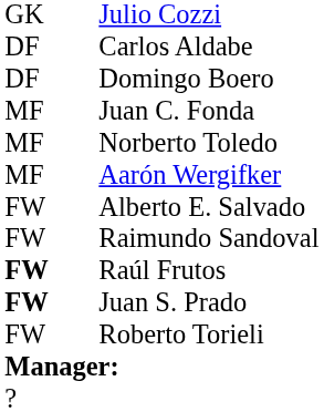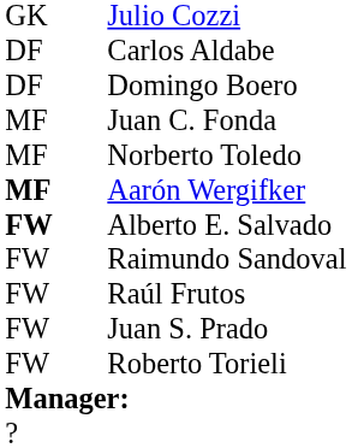 <table cellspacing="0" cellpadding="0" style="font-size:90%; margin:0.2em auto;">
 <tr>
 <th width="25"></th>
 <th width="25"></th>
 </tr>
 <tr>
 <td>GK</td>
 <td></td>
 <td> <a href='#'>Julio Cozzi</a></td>
 </tr>
 <tr>
 <td>DF</td>
 <td></td>
 <td> Carlos Aldabe</td>
 </tr>
 <tr>
 <td>DF</td>
 <td></td>
 <td> Domingo Boero</td>
 </tr>
 <tr>
 <td>MF</td>
 <td></td>
 <td> Juan C. Fonda</td>
 </tr>
 <tr>
 <td>MF</td>
 <td></td>
 <td> Norberto Toledo</td>
 </tr>
 <tr>
-<td>MF</td>
+<td><strong>MF</strong></td>
 <td></td>
 <td> <a href='#'>Aarón Wergifker</a></td>
 </tr>
 <tr>
-<td>FW</td>
+<td><strong>FW</strong></td>
 <td></td>
 <td> Alberto E. Salvado</td>
 </tr>
 <tr>
 <td>FW</td>
 <td></td>
 <td> Raimundo Sandoval</td>
 </tr>
 <tr>
-<td><strong>FW</strong></td>
+<td>FW</td>
 <td></td>
 <td> Raúl Frutos</td>
 </tr>
 <tr>
-<td><strong>FW</strong></td>
+<td>FW</td>
 <td></td>
 <td> Juan S. Prado</td>
 </tr>
 <tr>
 <td>FW</td>
 <td></td>
 <td> Roberto Torieli</td>
 </tr>
 <tr>
 <td colspan=4><strong>Manager:</strong></td>
 </tr>
 <tr>
 <td colspan="4"> ?</td>
 </tr>
 </table>
